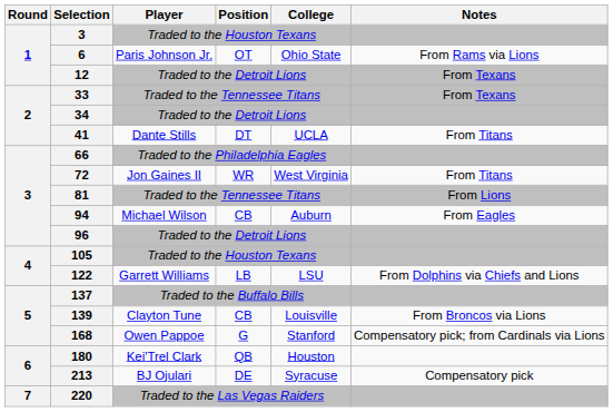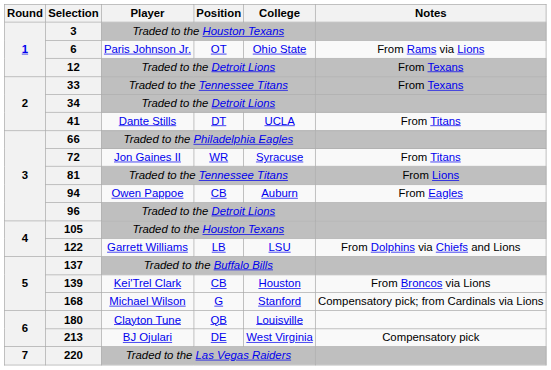 <table class="wikitable" style="text-align:center">
 <tr>
 <th>Round</th>
 <th>Selection</th>
 <th>Player</th>
 <th>Position</th>
 <th>College</th>
 <th>Notes</th>
 </tr>
 <tr>
 <th rowspan="3"><a href='#'>1</a></th>
 <th>3</th>
 <td colspan="3" style="background:#BFBFBF"><em>Traded to the <a href='#'>Houston Texans</a></em></td>
 <td style="background:#BFBFBF"></td>
 </tr>
 <tr>
 <th>6</th>
 <td><a href='#'>Paris Johnson Jr.</a></td>
 <td><a href='#'>OT</a></td>
 <td><a href='#'>Ohio State</a></td>
 <td>From <a href='#'>Rams</a> via <a href='#'>Lions</a></td>
 </tr>
 <tr>
 <th>12</th>
 <td colspan="3" style="background:#BFBFBF"><em>Traded to the <a href='#'>Detroit Lions</a></em></td>
 <td style="background:#BFBFBF">From <a href='#'>Texans</a></td>
 </tr>
 <tr>
 <th rowspan="3">2</th>
 <th>33</th>
 <td colspan="3" style="background:#BFBFBF"><em>Traded to the <a href='#'>Tennessee Titans</a></em></td>
 <td style="background:#BFBFBF">From <a href='#'>Texans</a></td>
 </tr>
 <tr>
 <th>34</th>
 <td colspan="3" style="background:#BFBFBF"><em>Traded to the <a href='#'>Detroit Lions</a></em></td>
 <td style="background:#BFBFBF"></td>
 </tr>
 <tr>
 <th>41</th>
 <td><a href='#'>Dante Stills</a></td>
 <td><a href='#'>DT</a></td>
 <td><a href='#'>UCLA</a></td>
 <td>From <a href='#'>Titans</a></td>
 </tr>
 <tr>
 <th rowspan="5">3</th>
 <th>66</th>
 <td colspan="3" style="background:#BFBFBF"><em>Traded to the <a href='#'>Philadelphia Eagles</a></em></td>
 <td style="background:#BFBFBF"></td>
 </tr>
 <tr>
 <th>72</th>
 <td><a href='#'>Jon Gaines II</a></td>
 <td><a href='#'>WR</a></td>
-<td><a href='#'>West Virginia</a></td>
+<td><a href='#'>Syracuse</a></td>
 <td>From <a href='#'>Titans</a></td>
 </tr>
 <tr>
 <th>81</th>
 <td colspan="3" style="background:#BFBFBF"><em>Traded to the <a href='#'>Tennessee Titans</a></em></td>
 <td style="background:#BFBFBF">From <a href='#'>Lions</a></td>
 </tr>
 <tr>
 <th>94</th>
-<td><a href='#'>Michael Wilson</a></td>
+<td><a href='#'>Owen Pappoe</a></td>
 <td><a href='#'>CB</a></td>
 <td><a href='#'>Auburn</a></td>
 <td>From <a href='#'>Eagles</a></td>
 </tr>
 <tr>
 <th>96</th>
 <td colspan="3" style="background:#BFBFBF"><em>Traded to the <a href='#'>Detroit Lions</a></em></td>
 <td style="background:#BFBFBF"></td>
 </tr>
 <tr>
 <th rowspan="2">4</th>
 <th>105</th>
 <td colspan="3" style="background:#BFBFBF"><em>Traded to the <a href='#'>Houston Texans</a></em></td>
 <td style="background:#BFBFBF"></td>
 </tr>
 <tr>
 <th>122</th>
 <td><a href='#'>Garrett Williams</a></td>
 <td><a href='#'>LB</a></td>
 <td><a href='#'>LSU</a></td>
 <td>From <a href='#'>Dolphins</a> via <a href='#'>Chiefs</a> and Lions</td>
 </tr>
 <tr>
 <th rowspan="3">5</th>
 <th>137</th>
 <td colspan="3" style="background:#BFBFBF"><em>Traded to the <a href='#'>Buffalo Bills</a></em></td>
 <td style="background:#BFBFBF"></td>
 </tr>
 <tr>
 <th>139</th>
-<td><a href='#'>Clayton Tune</a></td>
+<td><a href='#'>Kei'Trel Clark</a></td>
 <td><a href='#'>CB</a></td>
-<td><a href='#'>Louisville</a></td>
+<td><a href='#'>Houston</a></td>
 <td>From <a href='#'>Broncos</a> via Lions</td>
 </tr>
 <tr>
 <th>168</th>
-<td><a href='#'>Owen Pappoe</a></td>
+<td><a href='#'>Michael Wilson</a></td>
 <td><a href='#'>G</a></td>
 <td><a href='#'>Stanford</a></td>
 <td>Compensatory pick; from Cardinals via Lions</td>
 </tr>
 <tr>
 <th rowspan="2">6</th>
 <th>180</th>
-<td><a href='#'>Kei'Trel Clark</a></td>
+<td><a href='#'>Clayton Tune</a></td>
 <td><a href='#'>QB</a></td>
-<td><a href='#'>Houston</a></td>
+<td><a href='#'>Louisville</a></td>
 <td></td>
 </tr>
 <tr>
 <th>213</th>
 <td><a href='#'>BJ Ojulari</a></td>
 <td><a href='#'>DE</a></td>
-<td><a href='#'>Syracuse</a></td>
+<td><a href='#'>West Virginia</a></td>
 <td>Compensatory pick</td>
 </tr>
 <tr>
 <th>7</th>
 <th>220</th>
 <td colspan="3" style="background:#BFBFBF"><em>Traded to the <a href='#'>Las Vegas Raiders</a></em></td>
 <td style="background:#BFBFBF"></td>
 </tr>
 </table>
